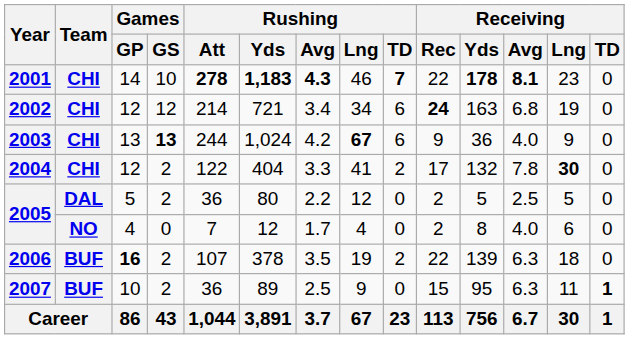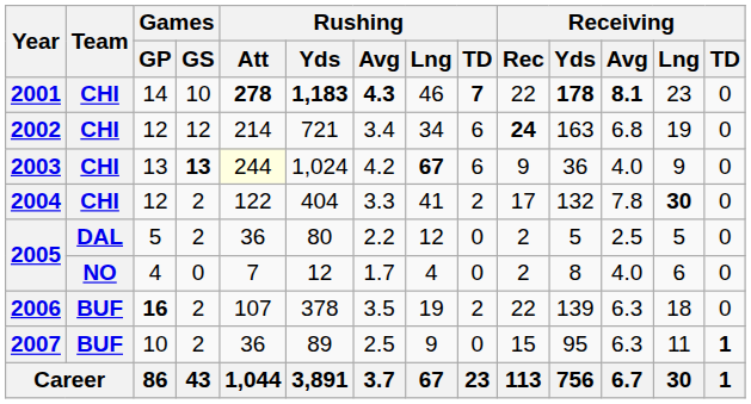 <table class="wikitable" style="text-align:center;">
 <tr>
 <th rowspan="2">Year</th>
 <th rowspan="2">Team</th>
 <th colspan="2">Games</th>
 <th colspan="5">Rushing</th>
 <th colspan="5">Receiving</th>
 </tr>
 <tr>
 <th>GP</th>
 <th>GS</th>
 <th>Att</th>
 <th>Yds</th>
 <th>Avg</th>
 <th>Lng</th>
 <th>TD</th>
 <th>Rec</th>
 <th>Yds</th>
 <th>Avg</th>
 <th>Lng</th>
 <th>TD</th>
 </tr>
 <tr>
 <th><a href='#'>2001</a></th>
 <th><a href='#'>CHI</a></th>
 <td>14</td>
 <td>10</td>
 <td><strong>278</strong></td>
 <td><strong>1,183</strong></td>
 <td><strong>4.3</strong></td>
 <td>46</td>
 <td><strong>7</strong></td>
 <td>22</td>
 <td><strong>178</strong></td>
 <td><strong>8.1</strong></td>
 <td>23</td>
 <td>0</td>
 </tr>
 <tr>
 <th><a href='#'>2002</a></th>
 <th><a href='#'>CHI</a></th>
 <td>12</td>
 <td>12</td>
 <td>214</td>
 <td>721</td>
 <td>3.4</td>
 <td>34</td>
 <td>6</td>
 <td><strong>24</strong></td>
 <td>163</td>
 <td>6.8</td>
 <td>19</td>
 <td>0</td>
 </tr>
 <tr>
 <th><a href='#'>2003</a></th>
 <th><a href='#'>CHI</a></th>
 <td>13</td>
 <td><strong>13</strong></td>
-<td>244</td>
+<td style="background: lightyellow;">244</td>
 <td>1,024</td>
 <td>4.2</td>
 <td><strong>67</strong></td>
 <td>6</td>
 <td>9</td>
 <td>36</td>
 <td>4.0</td>
 <td>9</td>
 <td>0</td>
 </tr>
 <tr>
 <th><a href='#'>2004</a></th>
 <th><a href='#'>CHI</a></th>
 <td>12</td>
 <td>2</td>
 <td>122</td>
 <td>404</td>
 <td>3.3</td>
 <td>41</td>
 <td>2</td>
 <td>17</td>
 <td>132</td>
 <td>7.8</td>
 <td><strong>30</strong></td>
 <td>0</td>
 </tr>
 <tr>
 <th rowspan="2"><a href='#'>2005</a></th>
 <th><a href='#'>DAL</a></th>
 <td>5</td>
 <td>2</td>
 <td>36</td>
 <td>80</td>
 <td>2.2</td>
 <td>12</td>
 <td>0</td>
 <td>2</td>
 <td>5</td>
 <td>2.5</td>
 <td>5</td>
 <td>0</td>
 </tr>
 <tr>
 <th><a href='#'>NO</a></th>
 <td>4</td>
 <td>0</td>
 <td>7</td>
 <td>12</td>
 <td>1.7</td>
 <td>4</td>
 <td>0</td>
 <td>2</td>
 <td>8</td>
 <td>4.0</td>
 <td>6</td>
 <td>0</td>
 </tr>
 <tr>
 <th><a href='#'>2006</a></th>
 <th><a href='#'>BUF</a></th>
 <td><strong>16</strong></td>
 <td>2</td>
 <td>107</td>
 <td>378</td>
 <td>3.5</td>
 <td>19</td>
 <td>2</td>
 <td>22</td>
 <td>139</td>
 <td>6.3</td>
 <td>18</td>
 <td>0</td>
 </tr>
 <tr>
 <th><a href='#'>2007</a></th>
 <th><a href='#'>BUF</a></th>
 <td>10</td>
 <td>2</td>
 <td>36</td>
 <td>89</td>
 <td>2.5</td>
 <td>9</td>
 <td>0</td>
 <td>15</td>
 <td>95</td>
 <td>6.3</td>
 <td>11</td>
 <td><strong>1</strong></td>
 </tr>
 <tr>
 <th colspan="2">Career</th>
 <th>86</th>
 <th>43</th>
 <th>1,044</th>
 <th>3,891</th>
 <th>3.7</th>
 <th>67</th>
 <th>23</th>
 <th>113</th>
 <th>756</th>
 <th>6.7</th>
 <th>30</th>
 <th>1</th>
 </tr>
 </table>
